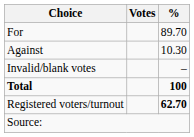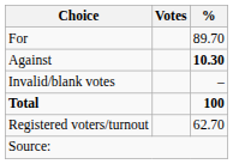 <table class=wikitable style=text-align:right>
 <tr>
 <th>Choice</th>
 <th>Votes</th>
 <th>%</th>
 </tr>
 <tr>
 <td align=left>For</td>
 <td></td>
 <td>89.70</td>
 </tr>
 <tr>
 <td align=left>Against</td>
 <td></td>
-<td>10.30</td>
+<td><strong>10.30</strong></td>
 </tr>
 <tr>
 <td align=left>Invalid/blank votes</td>
 <td></td>
 <td>–</td>
 </tr>
 <tr>
 <td align=left><strong>Total</strong></td>
 <td></td>
 <td><strong>100</strong></td>
 </tr>
 <tr>
 <td align=left>Registered voters/turnout</td>
 <td></td>
-<td><strong>62.70</strong></td>
+<td>62.70</td>
 </tr>
 <tr>
 <td align=left colspan=4>Source: </td>
 </tr>
 </table>
